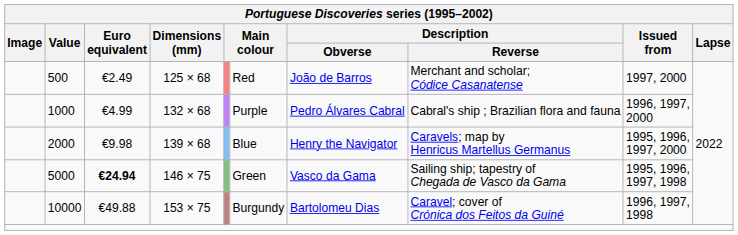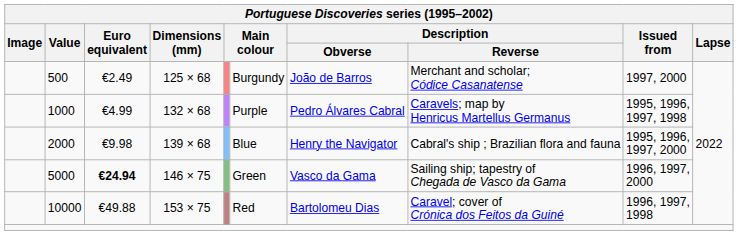 <table class="wikitable" style="margin:auto; font-size:90%; border-width:1px;">
 <tr>
 <th colspan=11><em>Portuguese Discoveries</em> series (1995–2002)<br></th>
 </tr>
 <tr>
 <th rowspan=2>Image</th>
 <th rowspan=2>Value</th>
 <th rowspan=2>Euro<br>equivalent</th>
 <th rowspan=2>Dimensions<br>(mm)</th>
 <th rowspan=2 colspan=2>Main<br>colour</th>
 <th colspan=2>Description</th>
 <th rowspan=2>Issued<br>from</th>
 <th rowspan=2>Lapse</th>
 </tr>
 <tr>
 <th>Obverse</th>
 <th>Reverse</th>
 </tr>
 <tr>
 <td align=center></td>
 <td>500</td>
 <td align=center>€2.49</td>
 <td align=center>125 × 68</td>
 <td style="background:#FF8080;"></td>
-<td>Red</td>
+<td>Burgundy</td>
 <td><a href='#'>João de Barros</a></td>
 <td>Merchant and scholar;<br><em><a href='#'>Códice Casanatense</a></em></td>
 <td>1997, 2000</td>
 <td rowspan=5>2022</td>
 </tr>
 <tr>
 <td align=center></td>
 <td>1000</td>
 <td align=center>€4.99</td>
 <td align=center>132 × 68</td>
 <td style="background:#C080FF"></td>
 <td>Purple</td>
 <td><a href='#'>Pedro Álvares Cabral</a></td>
-<td>Cabral's ship ; Brazilian flora and fauna</td>
-<td>1996, 1997,<br>2000</td>
+<td><a href='#'>Caravels</a>; map by<br><a href='#'>Henricus Martellus Germanus</a></td>
+<td>1995, 1996,<br>1997, 1998</td>
 </tr>
 <tr>
 <td align=center></td>
 <td>2000</td>
 <td align=center>€9.98</td>
 <td align=center>139 × 68</td>
 <td style="background:#80C0FF;"></td>
 <td>Blue</td>
 <td><a href='#'>Henry the Navigator</a></td>
-<td><a href='#'>Caravels</a>; map by<br><a href='#'>Henricus Martellus Germanus</a></td>
+<td>Cabral's ship ; Brazilian flora and fauna</td>
 <td>1995, 1996,<br>1997, 2000</td>
 </tr>
 <tr>
 <td align=center></td>
 <td>5000</td>
 <td align=center><strong>€24.94</strong></td>
 <td align=center>146 × 75</td>
 <td style="background:#80C080;"></td>
 <td>Green</td>
 <td><a href='#'>Vasco da Gama</a></td>
 <td>Sailing ship; tapestry of<br><em>Chegada de Vasco da Gama</em></td>
-<td>1995, 1996,<br>1997, 1998</td>
+<td>1996, 1997,<br>2000</td>
 </tr>
 <tr>
 <td align=center></td>
 <td>10000</td>
 <td align=center>€49.88</td>
 <td align=center>153 × 75</td>
 <td style="background:#C08080;"></td>
-<td>Burgundy</td>
+<td>Red</td>
 <td><a href='#'>Bartolomeu Dias</a></td>
 <td><a href='#'>Caravel</a>; cover of<br><em><a href='#'>Crónica dos Feitos da Guiné</a></em></td>
 <td>1996, 1997,<br>1998</td>
 </tr>
 <tr>
 <td colspan=10></td>
 </tr>
 </table>
